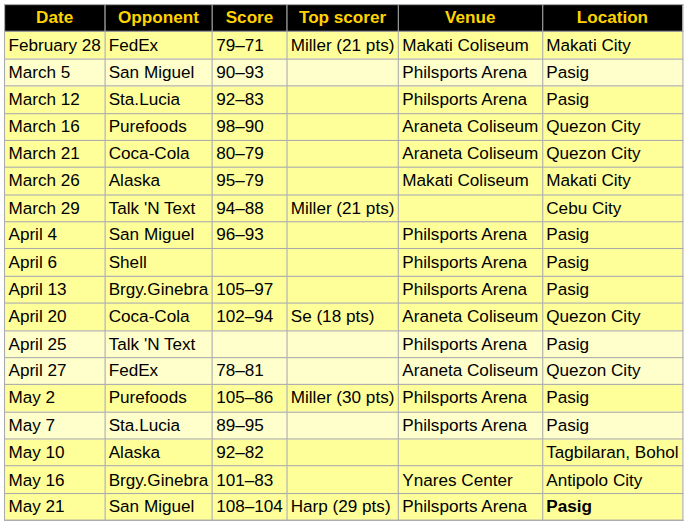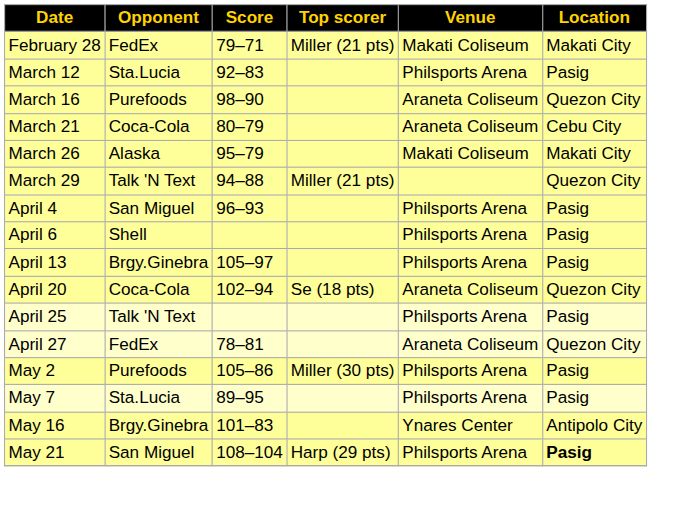 <table class="wikitable sortable sortable">
 <tr>
 <th style="background:#000000; color:#FFD300; ">Date</th>
 <th style="background:#000000; color:#FFD300; ">Opponent</th>
 <th style="background:#000000; color:#FFD300; ">Score</th>
 <th style="background:#000000; color:#FFD300; ">Top scorer</th>
 <th style="background:#000000; color:#FFD300; ">Venue</th>
 <th style="background:#000000; color:#FFD300; ">Location</th>
 </tr>
 <tr bgcolor=#FFFF99>
 <td>February 28</td>
 <td>FedEx</td>
 <td>79–71</td>
 <td>Miller (21 pts)</td>
 <td>Makati Coliseum</td>
 <td>Makati City</td>
-</tr>
-<tr bgcolor=#FFFFCC>
-<td>March 5</td>
-<td>San Miguel</td>
-<td>90–93</td>
-<td></td>
-<td>Philsports Arena</td>
-<td>Pasig</td>
 </tr>
 <tr bgcolor=#FFFF99>
 <td>March 12</td>
 <td>Sta.Lucia</td>
 <td>92–83</td>
 <td></td>
 <td>Philsports Arena</td>
 <td>Pasig</td>
 </tr>
 <tr bgcolor=#FFFF99>
 <td>March 16</td>
 <td>Purefoods</td>
 <td>98–90</td>
 <td></td>
 <td>Araneta Coliseum</td>
 <td>Quezon City</td>
 </tr>
 <tr bgcolor=#FFFF99>
 <td>March 21</td>
 <td>Coca-Cola</td>
 <td>80–79</td>
 <td></td>
 <td>Araneta Coliseum</td>
-<td>Quezon City</td>
+<td>Cebu City</td>
 </tr>
 <tr bgcolor=#FFFF99>
 <td>March 26</td>
 <td>Alaska</td>
 <td>95–79</td>
 <td></td>
 <td>Makati Coliseum</td>
 <td>Makati City</td>
 </tr>
 <tr bgcolor=#FFFF99>
 <td>March 29</td>
 <td>Talk 'N Text</td>
 <td>94–88</td>
 <td>Miller (21 pts)</td>
 <td></td>
-<td>Cebu City</td>
+<td>Quezon City</td>
 </tr>
 <tr bgcolor=#FFFF99>
 <td>April 4</td>
 <td>San Miguel</td>
 <td>96–93</td>
 <td></td>
 <td>Philsports Arena</td>
 <td>Pasig</td>
 </tr>
 <tr bgcolor=#FFFF99>
 <td>April 6</td>
 <td>Shell</td>
 <td></td>
 <td></td>
 <td>Philsports Arena</td>
 <td>Pasig</td>
 </tr>
 <tr bgcolor=#FFFF99>
 <td>April 13</td>
 <td>Brgy.Ginebra</td>
 <td>105–97</td>
 <td></td>
 <td>Philsports Arena</td>
 <td>Pasig</td>
 </tr>
 <tr bgcolor=#FFFF99>
 <td>April 20</td>
 <td>Coca-Cola</td>
 <td>102–94</td>
 <td>Se (18 pts)</td>
 <td>Araneta Coliseum</td>
 <td>Quezon City</td>
 </tr>
 <tr bgcolor=#FFFFCC>
 <td>April 25</td>
 <td>Talk 'N Text</td>
 <td></td>
 <td></td>
 <td>Philsports Arena</td>
 <td>Pasig</td>
 </tr>
 <tr bgcolor=#FFFFCC>
 <td>April 27</td>
 <td>FedEx</td>
 <td>78–81</td>
 <td></td>
 <td>Araneta Coliseum</td>
 <td>Quezon City</td>
 </tr>
 <tr bgcolor=#FFFF99>
 <td>May 2</td>
 <td>Purefoods</td>
 <td>105–86</td>
 <td>Miller (30 pts)</td>
 <td>Philsports Arena</td>
 <td>Pasig</td>
 </tr>
 <tr bgcolor=#FFFFCC>
 <td>May 7</td>
 <td>Sta.Lucia</td>
 <td>89–95</td>
 <td></td>
 <td>Philsports Arena</td>
 <td>Pasig</td>
 </tr>
 <tr bgcolor=#FFFF99>
-<td>May 10</td>
-<td>Alaska</td>
-<td>92–82</td>
-<td></td>
-<td></td>
-<td>Tagbilaran, Bohol</td>
-</tr>
-<tr bgcolor=#FFFF99>
 <td>May 16</td>
 <td>Brgy.Ginebra</td>
 <td>101–83</td>
 <td></td>
 <td>Ynares Center</td>
 <td>Antipolo City</td>
 </tr>
 <tr bgcolor=#FFFF99>
 <td>May 21</td>
 <td>San Miguel</td>
 <td>108–104</td>
 <td>Harp (29 pts)</td>
 <td>Philsports Arena</td>
 <td><strong>Pasig</strong></td>
 </tr>
 <tr>
 </tr>
 </table>
